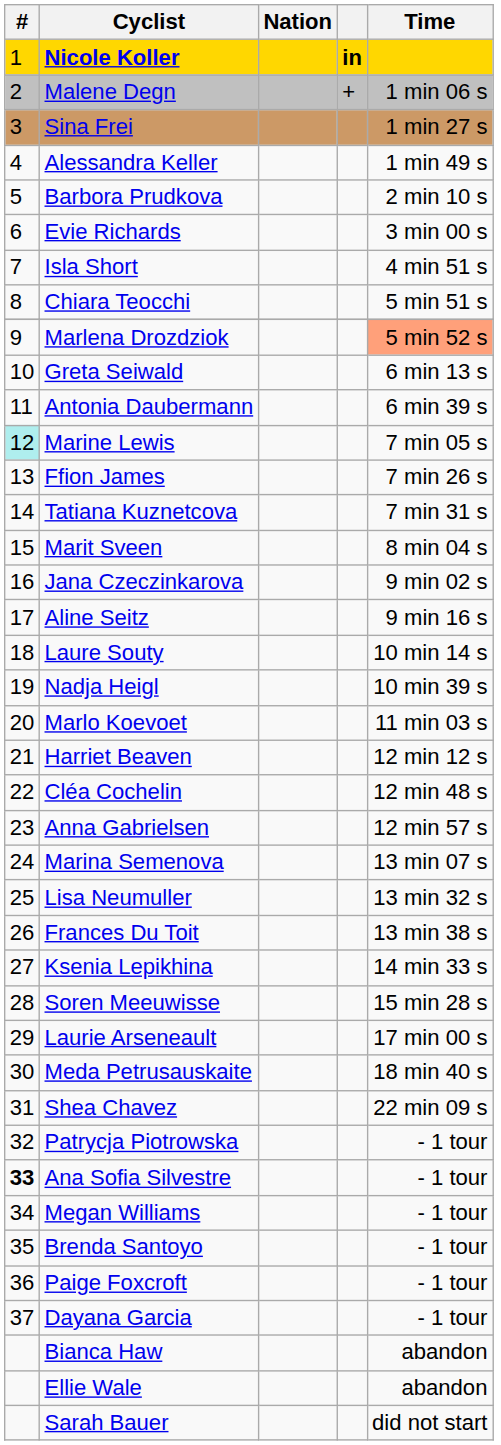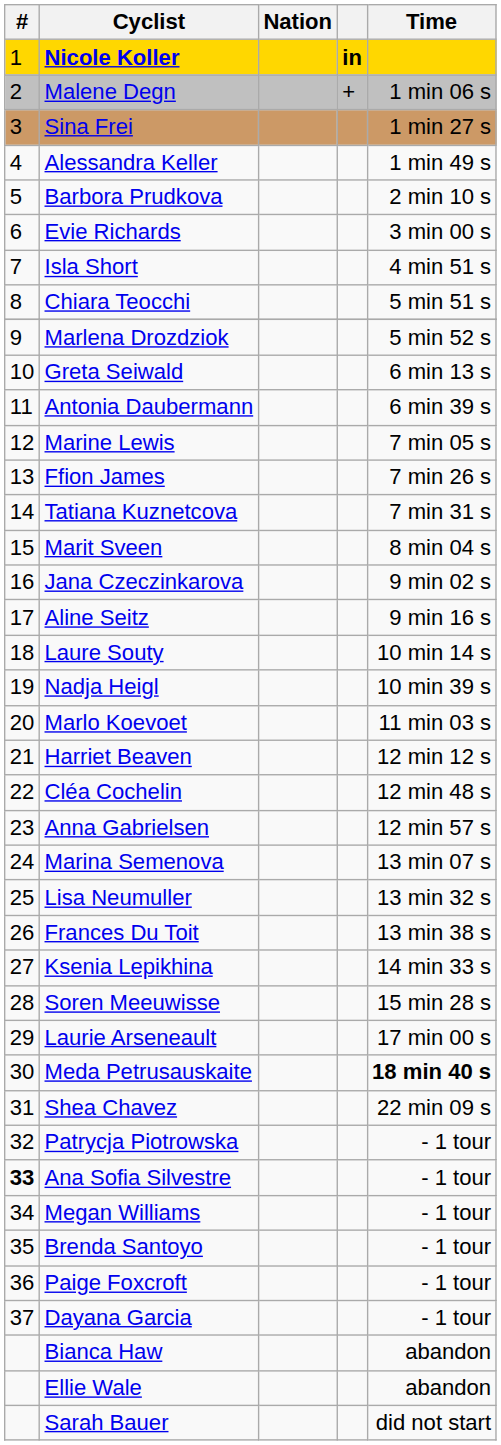 <table class="wikitable">
 <tr>
 <th>#</th>
 <th>Cyclist</th>
 <th>Nation</th>
 <th></th>
 <th>Time</th>
 </tr>
 <tr bgcolor="gold">
 <td>1</td>
 <td><strong><a href='#'>Nicole Koller </a></strong></td>
 <td><strong></strong></td>
 <td><strong>in</strong></td>
 <td align=right><strong></strong></td>
 </tr>
 <tr bgcolor="silver">
 <td>2</td>
 <td><a href='#'>Malene Degn</a></td>
 <td></td>
 <td>+</td>
 <td align=right>1 min 06 s</td>
 </tr>
 <tr bgcolor="CC9966">
 <td>3</td>
 <td><a href='#'>Sina Frei</a></td>
 <td></td>
 <td></td>
 <td align=right>1 min 27 s</td>
 </tr>
 <tr>
 <td>4</td>
 <td><a href='#'>Alessandra Keller</a></td>
 <td></td>
 <td></td>
 <td align=right>1 min 49 s</td>
 </tr>
 <tr>
 <td>5</td>
 <td><a href='#'>Barbora Prudkova</a></td>
 <td></td>
 <td></td>
 <td align=right>2 min 10 s</td>
 </tr>
 <tr>
 <td>6</td>
 <td><a href='#'>Evie Richards</a></td>
 <td></td>
 <td></td>
 <td align=right>3 min 00 s</td>
 </tr>
 <tr>
 <td>7</td>
 <td><a href='#'>Isla Short</a></td>
 <td></td>
 <td></td>
 <td align=right>4 min 51 s</td>
 </tr>
 <tr>
 <td>8</td>
 <td><a href='#'>Chiara Teocchi</a></td>
 <td></td>
 <td></td>
 <td align=right>5 min 51 s</td>
 </tr>
 <tr>
 </tr>
 <tr>
 <td>9</td>
 <td><a href='#'>Marlena Drozdziok</a></td>
 <td></td>
 <td></td>
-<td align=right style="background: lightsalmon;">5 min 52 s</td>
+<td align=right>5 min 52 s</td>
 </tr>
 <tr>
 <td>10</td>
 <td><a href='#'>Greta Seiwald</a></td>
 <td></td>
 <td></td>
 <td align=right>6 min 13 s</td>
 </tr>
 <tr>
 <td>11</td>
 <td><a href='#'>Antonia Daubermann</a></td>
 <td></td>
 <td></td>
 <td align=right>6 min 39 s</td>
 </tr>
 <tr>
-<td style="background: paleturquoise;">12</td>
+<td>12</td>
 <td><a href='#'>Marine Lewis</a></td>
 <td></td>
 <td></td>
 <td align=right>7 min 05 s</td>
 </tr>
 <tr>
 <td>13</td>
 <td><a href='#'>Ffion James</a></td>
 <td></td>
 <td></td>
 <td align=right>7 min 26 s</td>
 </tr>
 <tr>
 <td>14</td>
 <td><a href='#'>Tatiana Kuznetcova</a></td>
 <td></td>
 <td></td>
 <td align=right>7 min 31 s</td>
 </tr>
 <tr>
 <td>15</td>
 <td><a href='#'>Marit Sveen</a></td>
 <td></td>
 <td></td>
 <td align=right>8 min 04 s</td>
 </tr>
 <tr>
 <td>16</td>
 <td><a href='#'>Jana Czeczinkarova</a></td>
 <td></td>
 <td></td>
 <td align=right>9 min 02 s</td>
 </tr>
 <tr>
 <td>17</td>
 <td><a href='#'>Aline Seitz</a></td>
 <td></td>
 <td></td>
 <td align=right>9 min 16 s</td>
 </tr>
 <tr>
 <td>18</td>
 <td><a href='#'>Laure Souty</a></td>
 <td></td>
 <td></td>
 <td align=right>10 min 14 s</td>
 </tr>
 <tr>
 <td>19</td>
 <td><a href='#'>Nadja Heigl</a></td>
 <td></td>
 <td></td>
 <td align=right>10 min 39 s</td>
 </tr>
 <tr>
 <td>20</td>
 <td><a href='#'>Marlo Koevoet</a></td>
 <td></td>
 <td></td>
 <td align=right>11 min 03 s</td>
 </tr>
 <tr>
 <td>21</td>
 <td><a href='#'>Harriet Beaven</a></td>
 <td></td>
 <td></td>
 <td align=right>12 min 12 s</td>
 </tr>
 <tr>
 <td>22</td>
 <td><a href='#'>Cléa Cochelin</a></td>
 <td></td>
 <td></td>
 <td align=right>12 min 48 s</td>
 </tr>
 <tr>
 <td>23</td>
 <td><a href='#'>Anna Gabrielsen</a></td>
 <td></td>
 <td></td>
 <td align=right>12 min 57 s</td>
 </tr>
 <tr>
 <td>24</td>
 <td><a href='#'>Marina Semenova</a></td>
 <td></td>
 <td></td>
 <td align=right>13 min 07 s</td>
 </tr>
 <tr>
 <td>25</td>
 <td><a href='#'>Lisa Neumuller</a></td>
 <td></td>
 <td></td>
 <td align=right>13 min 32 s</td>
 </tr>
 <tr>
 <td>26</td>
 <td><a href='#'>Frances Du Toit</a></td>
 <td></td>
 <td></td>
 <td align=right>13 min 38 s</td>
 </tr>
 <tr>
 <td>27</td>
 <td><a href='#'>Ksenia Lepikhina</a></td>
 <td></td>
 <td></td>
 <td align=right>14 min 33 s</td>
 </tr>
 <tr>
 <td>28</td>
 <td><a href='#'>Soren Meeuwisse</a></td>
 <td></td>
 <td></td>
 <td align=right>15 min 28 s</td>
 </tr>
 <tr>
 <td>29</td>
 <td><a href='#'>Laurie Arseneault</a></td>
 <td></td>
 <td></td>
 <td align=right>17 min 00 s</td>
 </tr>
 <tr>
 <td>30</td>
 <td><a href='#'>Meda Petrusauskaite</a></td>
 <td></td>
 <td></td>
-<td align=right>18 min 40 s</td>
+<td align=right><strong>18 min 40 s</strong></td>
 </tr>
 <tr>
 <td>31</td>
 <td><a href='#'>Shea Chavez</a></td>
 <td></td>
 <td></td>
 <td align=right>22 min 09 s</td>
 </tr>
 <tr>
 <td>32</td>
 <td><a href='#'>Patrycja Piotrowska</a></td>
 <td></td>
 <td></td>
 <td align=right>- 1 tour</td>
 </tr>
 <tr>
 <td><strong>33</strong></td>
 <td><a href='#'>Ana Sofia Silvestre</a></td>
 <td></td>
 <td></td>
 <td align=right>- 1 tour</td>
 </tr>
 <tr>
 <td>34</td>
 <td><a href='#'>Megan Williams</a></td>
 <td></td>
 <td></td>
 <td align=right>- 1 tour</td>
 </tr>
 <tr>
 <td>35</td>
 <td><a href='#'>Brenda Santoyo</a></td>
 <td></td>
 <td></td>
 <td align=right>- 1 tour</td>
 </tr>
 <tr>
 <td>36</td>
 <td><a href='#'>Paige Foxcroft</a></td>
 <td></td>
 <td></td>
 <td align=right>- 1 tour</td>
 </tr>
 <tr>
 <td>37</td>
 <td><a href='#'>Dayana Garcia</a></td>
 <td></td>
 <td></td>
 <td align=right>- 1 tour</td>
 </tr>
 <tr>
 <td></td>
 <td><a href='#'>Bianca Haw</a></td>
 <td></td>
 <td></td>
 <td align=right>abandon</td>
 </tr>
 <tr>
 <td></td>
 <td><a href='#'>Ellie Wale</a></td>
 <td></td>
 <td></td>
 <td align=right>abandon</td>
 </tr>
 <tr>
 <td></td>
 <td><a href='#'>Sarah Bauer</a></td>
 <td></td>
 <td></td>
 <td align=right>did not start</td>
 </tr>
 </table>
